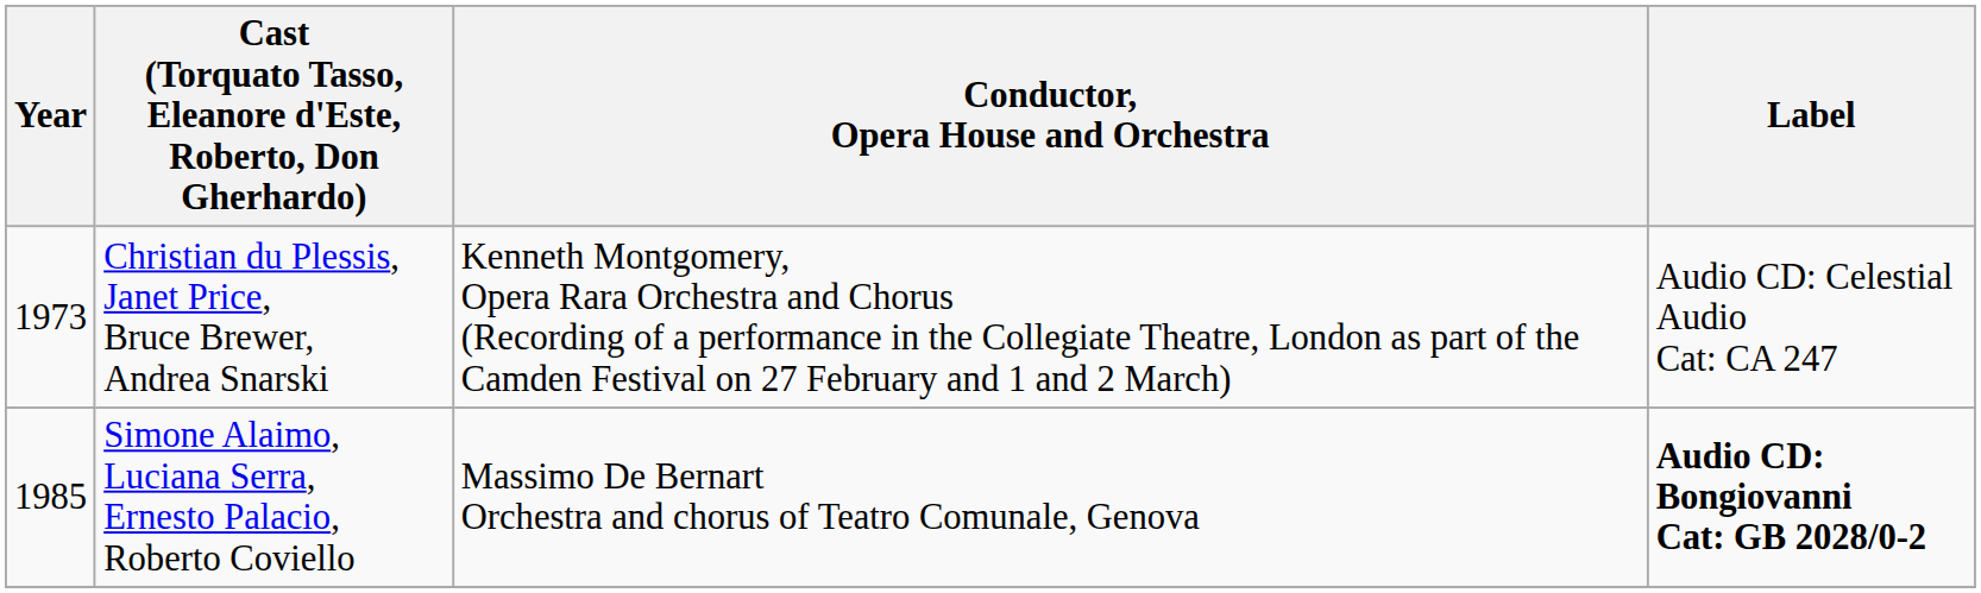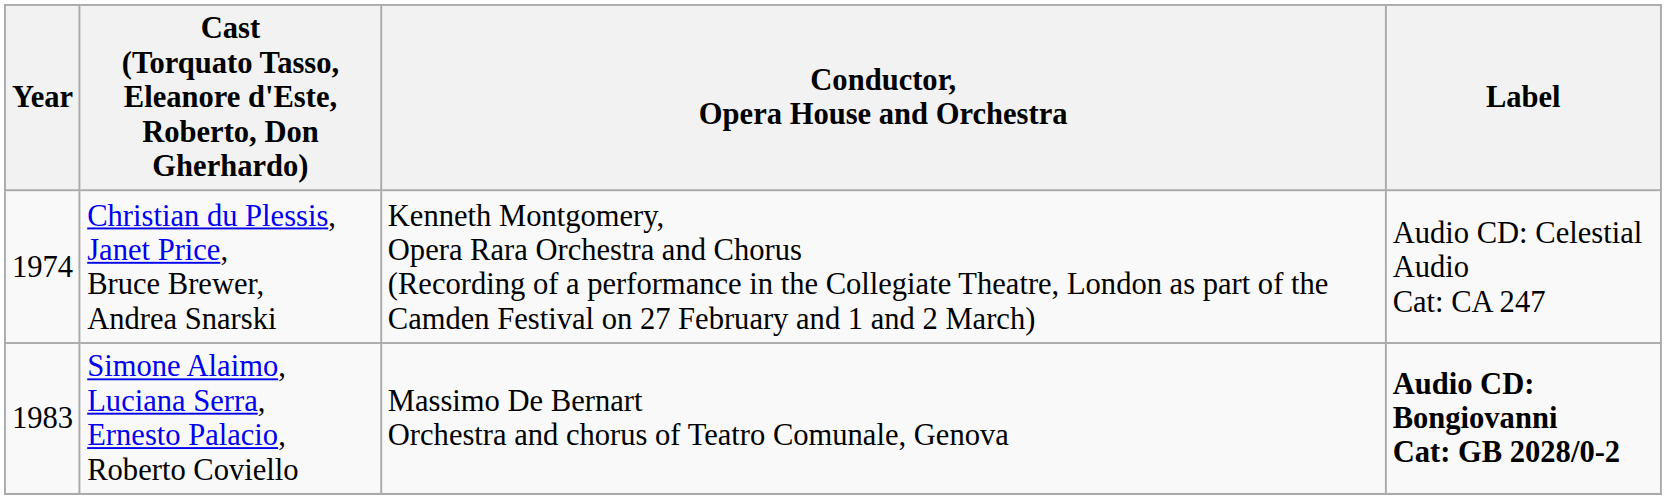 <table class="wikitable">
 <tr>
 <th>Year</th>
 <th width="150">Cast <br>(Torquato Tasso, Eleanore d'Este, Roberto, Don Gherhardo)</th>
 <th>Conductor,<br>Opera House and Orchestra</th>
 <th>Label</th>
 </tr>
 <tr>
-<td>1973</td>
+<td>1974</td>
 <td><a href='#'>Christian du Plessis</a>,<br><a href='#'>Janet Price</a>,<br>Bruce Brewer,<br>Andrea Snarski</td>
 <td>Kenneth Montgomery,<br>Opera Rara Orchestra and Chorus<br>(Recording of a performance in the Collegiate Theatre, London as part of the Camden Festival on 27 February and 1 and 2 March)</td>
 <td>Audio CD: Celestial Audio<br>Cat: CA 247</td>
 </tr>
 <tr>
-<td>1985</td>
+<td>1983</td>
 <td><a href='#'>Simone Alaimo</a>,<br><a href='#'>Luciana Serra</a>,<br><a href='#'>Ernesto Palacio</a>,<br>Roberto Coviello</td>
 <td>Massimo De Bernart<br>Orchestra and chorus of Teatro Comunale, Genova</td>
 <td><strong>Audio CD: Bongiovanni<br>Cat: GB 2028/0-2</strong></td>
 </tr>
 <tr>
 </tr>
 </table>
